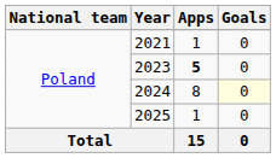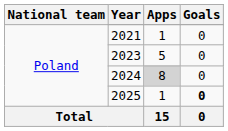 <table class="wikitable" style="text-align:center">
 <tr>
 <th>National team</th>
 <th>Year</th>
 <th>Apps</th>
 <th>Goals</th>
 </tr>
 <tr>
 <td rowspan="5"><a href='#'>Poland</a></td>
 </tr>
 <tr>
 <td>2021</td>
 <td>1</td>
 <td>0</td>
 </tr>
 <tr>
 <td>2023</td>
-<td><strong>5</strong></td>
+<td>5</td>
 <td>0</td>
 </tr>
 <tr>
 <td>2024</td>
-<td>8</td>
-<td style="background: lightyellow;">0</td>
+<td style="background: lightgrey;">8</td>
+<td>0</td>
 </tr>
 <tr>
 <td>2025</td>
 <td>1</td>
-<td>0</td>
+<td><strong>0</strong></td>
 </tr>
 <tr>
 <th colspan="2">Total</th>
 <th>15</th>
 <th>0</th>
 </tr>
 </table>
